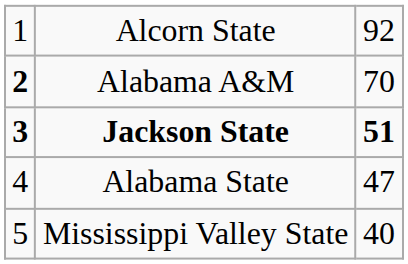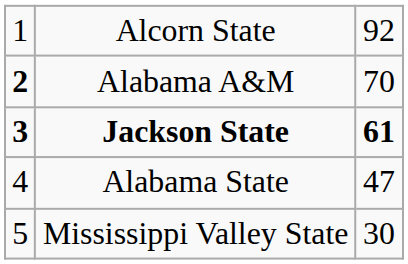 <table class="wikitable" style="display: inline-table;">
 <tr align="center">
 <td>1</td>
 <td>Alcorn State</td>
 <td>92</td>
 </tr>
 <tr align="center">
 <td><strong>2</strong></td>
 <td>Alabama A&M</td>
 <td>70</td>
 </tr>
 <tr align="center">
 <td><strong>3</strong></td>
 <td><strong>Jackson State</strong></td>
-<td><strong>51</strong></td>
+<td><strong>61</strong></td>
 </tr>
 <tr align="center">
 <td>4</td>
 <td>Alabama State</td>
 <td>47</td>
 </tr>
 <tr align="center">
 <td>5</td>
 <td>Mississippi Valley State</td>
-<td>40</td>
+<td>30</td>
 </tr>
 </table>
